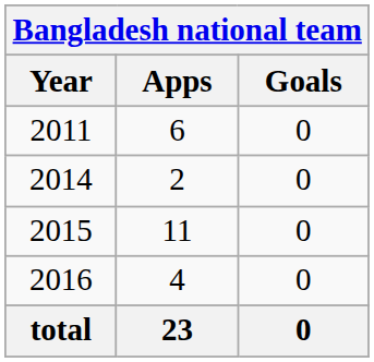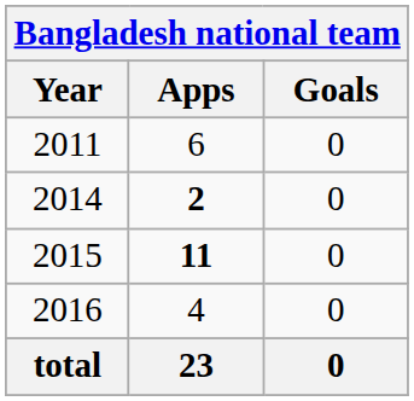 <table class=wikitable style=text-align:center>
 <tr>
 <th colspan=3><a href='#'>Bangladesh national team</a></th>
 </tr>
 <tr>
 <th>Year</th>
 <th>Apps</th>
 <th>Goals</th>
 </tr>
 <tr>
 <td>2011</td>
 <td>6</td>
 <td>0</td>
 </tr>
 <tr>
 <td>2014</td>
-<td>2</td>
+<td><strong>2</strong></td>
 <td>0</td>
 </tr>
 <tr>
 <td>2015</td>
-<td>11</td>
+<td><strong>11</strong></td>
 <td>0</td>
 </tr>
 <tr>
 <td>2016</td>
 <td>4</td>
 <td>0</td>
 </tr>
 <tr>
 <th colspan=1>total</th>
 <th>23</th>
 <th>0</th>
 </tr>
 </table>
